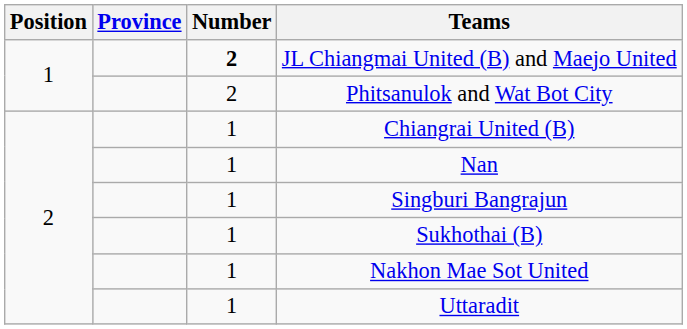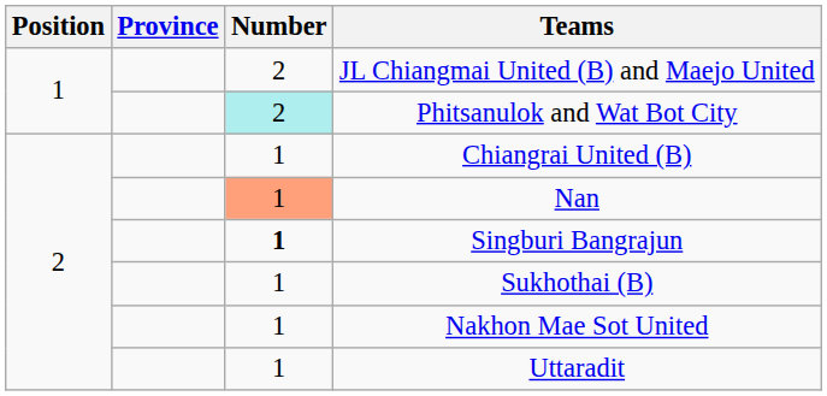 <table class="wikitable">
 <tr>
 <th>Position</th>
 <th><a href='#'>Province</a></th>
 <th>Number</th>
 <th>Teams</th>
 </tr>
 <tr>
 <td align=center rowspan="2">1</td>
 <td></td>
-<td align=center><strong>2</strong></td>
+<td align=center>2</td>
 <td align=center><a href='#'>JL Chiangmai United (B)</a> and <a href='#'>Maejo United</a></td>
 </tr>
 <tr>
 <td></td>
-<td align=center>2</td>
+<td align=center style="background: paleturquoise;">2</td>
 <td align=center><a href='#'>Phitsanulok</a> and <a href='#'>Wat Bot City</a></td>
 </tr>
 <tr>
 <td align=center rowspan="6">2</td>
 <td></td>
 <td align=center>1</td>
 <td align=center><a href='#'>Chiangrai United (B)</a></td>
 </tr>
 <tr>
 <td></td>
-<td align=center>1</td>
+<td align=center style="background: lightsalmon;">1</td>
 <td align=center><a href='#'>Nan</a></td>
 </tr>
 <tr>
 <td></td>
-<td align=center>1</td>
+<td align=center><strong>1</strong></td>
 <td align=center><a href='#'>Singburi Bangrajun</a></td>
 </tr>
 <tr>
 <td></td>
 <td align=center>1</td>
 <td align=center><a href='#'>Sukhothai (B)</a></td>
 </tr>
 <tr>
 <td></td>
 <td align=center>1</td>
 <td align=center><a href='#'>Nakhon Mae Sot United</a></td>
 </tr>
 <tr>
 <td></td>
 <td align=center>1</td>
 <td align=center><a href='#'>Uttaradit</a></td>
 </tr>
 </table>
